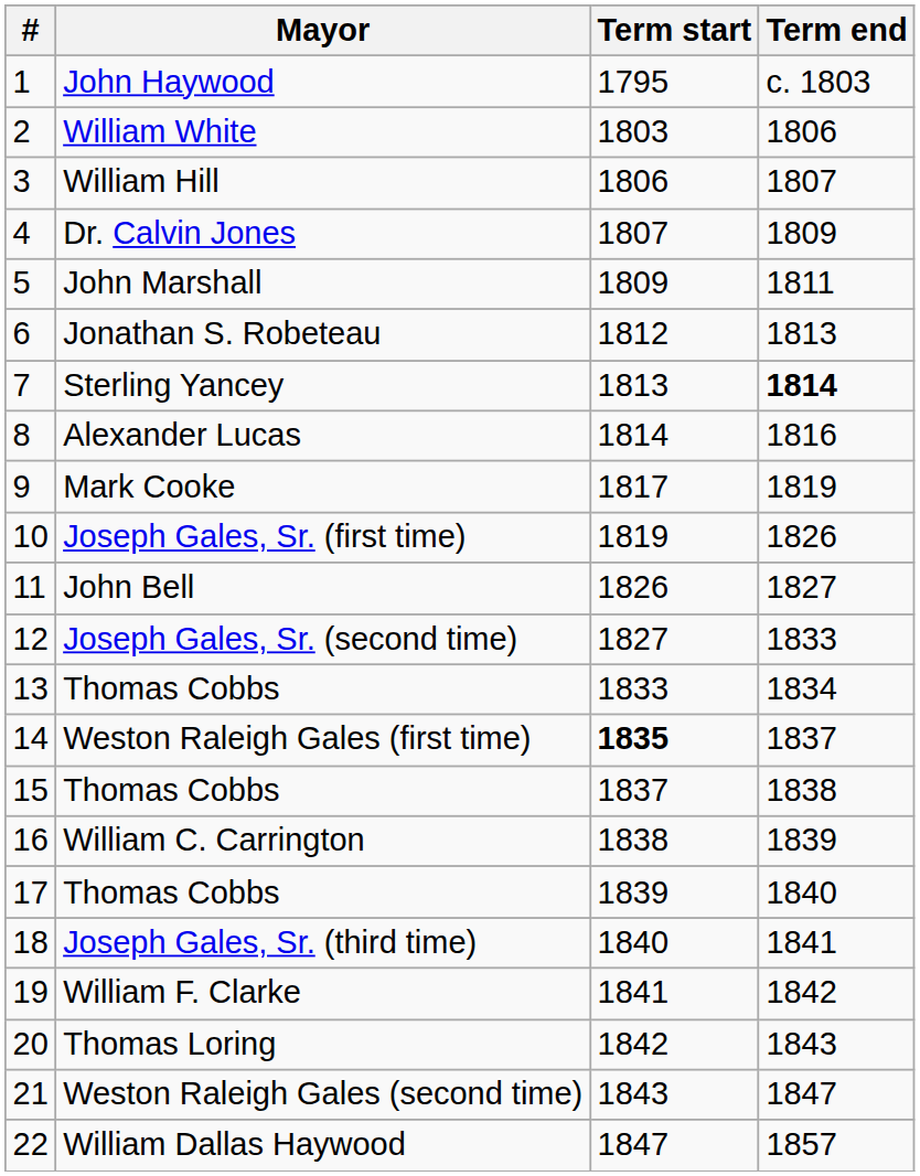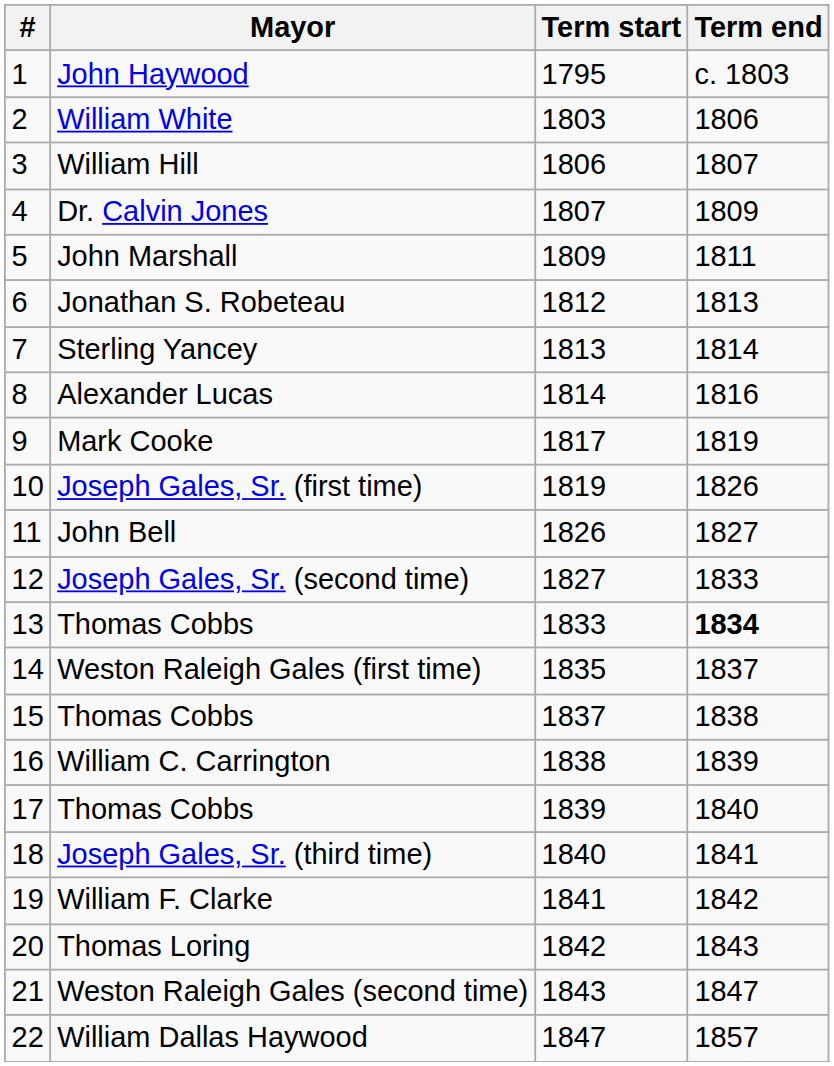 <table class="wikitable sortable">
 <tr>
 <th align=center>#</th>
 <th>Mayor</th>
 <th>Term start</th>
 <th>Term end</th>
 </tr>
 <tr>
 <td>1</td>
 <td><a href='#'>John Haywood</a></td>
 <td>1795</td>
 <td>c. 1803</td>
 </tr>
 <tr>
 <td>2</td>
 <td><a href='#'>William White</a></td>
 <td>1803</td>
 <td>1806</td>
 </tr>
 <tr>
 <td>3</td>
 <td>William Hill</td>
 <td>1806</td>
 <td>1807</td>
 </tr>
 <tr>
 <td>4</td>
 <td>Dr. <a href='#'>Calvin Jones</a></td>
 <td>1807</td>
 <td>1809</td>
 </tr>
 <tr>
 <td>5</td>
 <td>John Marshall</td>
 <td>1809</td>
 <td>1811</td>
 </tr>
 <tr>
 <td>6</td>
 <td>Jonathan S. Robeteau</td>
 <td>1812</td>
 <td>1813</td>
 </tr>
 <tr>
 <td>7</td>
 <td>Sterling Yancey</td>
 <td>1813</td>
-<td><strong>1814</strong></td>
+<td>1814</td>
 </tr>
 <tr>
 <td>8</td>
 <td>Alexander Lucas</td>
 <td>1814</td>
 <td>1816</td>
 </tr>
 <tr>
 <td>9</td>
 <td>Mark Cooke</td>
 <td>1817</td>
 <td>1819</td>
 </tr>
 <tr>
 <td>10</td>
 <td><a href='#'>Joseph Gales, Sr.</a> (first time)</td>
 <td>1819</td>
 <td>1826</td>
 </tr>
 <tr>
 <td>11</td>
 <td>John Bell</td>
 <td>1826</td>
 <td>1827</td>
 </tr>
 <tr>
 <td>12</td>
 <td><a href='#'>Joseph Gales, Sr.</a> (second time)</td>
 <td>1827</td>
 <td>1833</td>
 </tr>
 <tr>
 <td>13</td>
 <td>Thomas Cobbs</td>
 <td>1833</td>
-<td>1834</td>
+<td><strong>1834</strong></td>
 </tr>
 <tr>
 <td>14</td>
 <td>Weston Raleigh Gales (first time)</td>
-<td><strong>1835</strong></td>
+<td>1835</td>
 <td>1837</td>
 </tr>
 <tr>
 <td>15</td>
 <td>Thomas Cobbs</td>
 <td>1837</td>
 <td>1838</td>
 </tr>
 <tr>
 <td>16</td>
 <td>William C. Carrington</td>
 <td>1838</td>
 <td>1839</td>
 </tr>
 <tr>
 <td>17</td>
 <td>Thomas Cobbs</td>
 <td>1839</td>
 <td>1840</td>
 </tr>
 <tr>
 <td>18</td>
 <td><a href='#'>Joseph Gales, Sr.</a> (third time)</td>
 <td>1840</td>
 <td>1841</td>
 </tr>
 <tr>
 <td>19</td>
 <td>William F. Clarke</td>
 <td>1841</td>
 <td>1842</td>
 </tr>
 <tr>
 <td>20</td>
 <td>Thomas Loring</td>
 <td>1842</td>
 <td>1843</td>
 </tr>
 <tr>
 <td>21</td>
 <td>Weston Raleigh Gales (second time)</td>
 <td>1843</td>
 <td>1847</td>
 </tr>
 <tr>
 <td>22</td>
 <td>William Dallas Haywood</td>
 <td>1847</td>
 <td>1857</td>
 </tr>
 <tr>
 </tr>
 </table>
